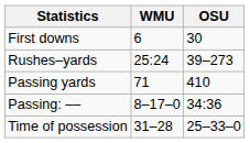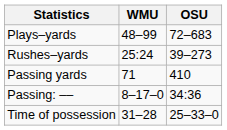 <table class="wikitable" style="float:left">
 <tr>
 <th>Statistics</th>
 <th>WMU</th>
 <th>OSU</th>
 </tr>
 <tr>
-<td>First downs</td>
-<td>6</td>
-<td>30</td>
+<td>Plays–yards</td>
+<td>48–99</td>
+<td>72–683</td>
 </tr>
 <tr>
 <td>Rushes–yards</td>
 <td>25:24</td>
 <td>39–273</td>
 </tr>
 <tr>
 <td>Passing yards</td>
 <td>71</td>
 <td>410</td>
 </tr>
 <tr>
 <td>Passing: ––</td>
 <td>8–17–0</td>
 <td>34:36</td>
 </tr>
 <tr>
 <td>Time of possession</td>
 <td>31–28</td>
 <td>25–33–0</td>
 </tr>
 </table>
